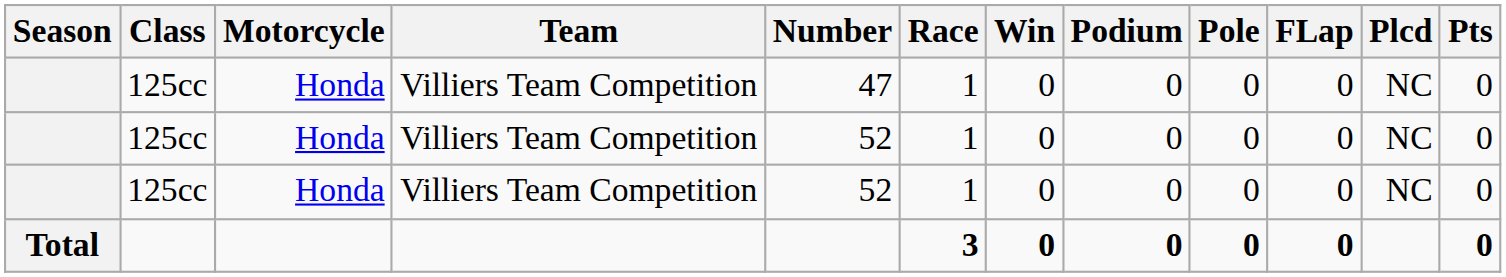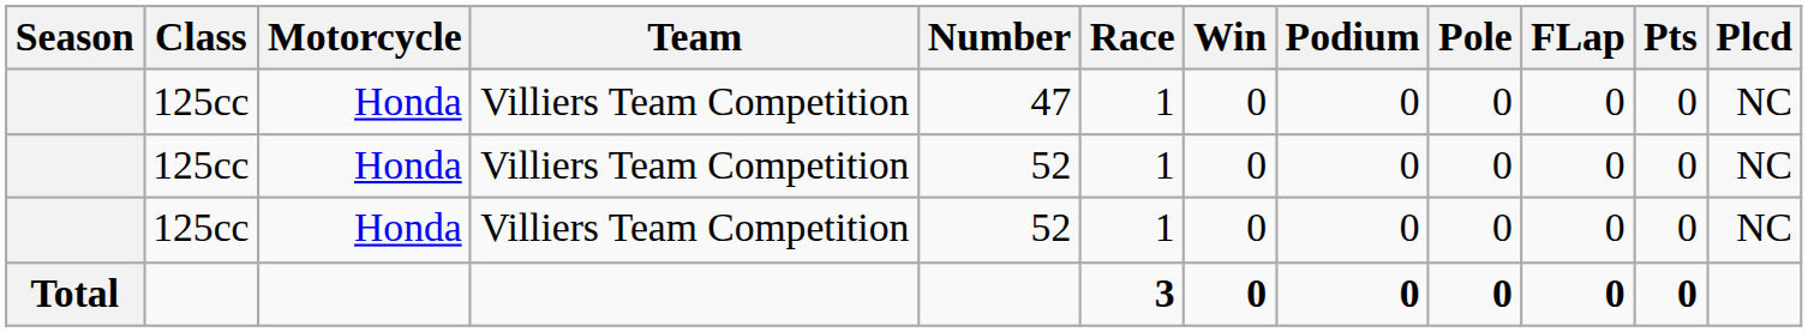 <table class="wikitable">
 <tr>
 <th>Season</th>
 <th>Class</th>
 <th>Motorcycle</th>
 <th>Team</th>
 <th>Number</th>
 <th>Race</th>
 <th>Win</th>
 <th>Podium</th>
 <th>Pole</th>
 <th>FLap</th>
+<th>Pts</th>
 <th>Plcd</th>
-<th>Pts</th>
 </tr>
 <tr align="right">
 <th></th>
 <td>125cc</td>
 <td><a href='#'>Honda</a></td>
 <td>Villiers Team Competition</td>
 <td>47</td>
 <td>1</td>
 <td>0</td>
 <td>0</td>
 <td>0</td>
 <td>0</td>
+<td>0</td>
 <td>NC</td>
-<td>0</td>
 </tr>
 <tr align="right">
 <th></th>
 <td>125cc</td>
 <td><a href='#'>Honda</a></td>
 <td>Villiers Team Competition</td>
 <td>52</td>
 <td>1</td>
 <td>0</td>
 <td>0</td>
 <td>0</td>
 <td>0</td>
+<td>0</td>
 <td>NC</td>
-<td>0</td>
 </tr>
 <tr align="right">
 <th></th>
 <td>125cc</td>
 <td><a href='#'>Honda</a></td>
 <td>Villiers Team Competition</td>
 <td>52</td>
 <td>1</td>
 <td>0</td>
 <td>0</td>
 <td>0</td>
 <td>0</td>
+<td>0</td>
 <td>NC</td>
-<td>0</td>
 </tr>
 <tr align="right">
 <th>Total</th>
 <td></td>
 <td></td>
 <td></td>
 <td></td>
 <td><strong>3</strong></td>
 <td><strong>0</strong></td>
 <td><strong>0</strong></td>
 <td><strong>0</strong></td>
 <td><strong>0</strong></td>
+<td><strong>0</strong></td>
 <td></td>
-<td><strong>0</strong></td>
 </tr>
 </table>
